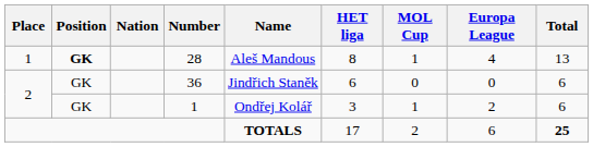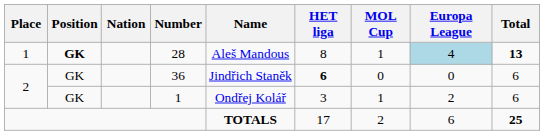 <table class="wikitable" style="font-size: 95%; text-align: center;">
 <tr>
 <th width=60>Place</th>
 <th width=60>Position</th>
 <th width=60>Nation</th>
 <th width=60>Number</th>
 <th width=180>Name</th>
 <th width=120><a href='#'>HET liga</a></th>
 <th width=120><a href='#'>MOL Cup</a></th>
 <th width=180><a href='#'>Europa League</a></th>
 <th width=80><strong>Total</strong></th>
 </tr>
 <tr>
 <td>1</td>
 <td><strong>GK</strong></td>
 <td></td>
 <td>28</td>
 <td><a href='#'>Aleš Mandous</a></td>
 <td>8</td>
 <td>1</td>
-<td>4</td>
-<td>13</td>
+<td style="background: lightblue;">4</td>
+<td><strong>13</strong></td>
 </tr>
 <tr>
 <td rowspan="2">2</td>
 <td>GK</td>
 <td></td>
 <td>36</td>
 <td><a href='#'>Jindřich Staněk</a></td>
-<td>6</td>
+<td><strong>6</strong></td>
 <td>0</td>
 <td>0</td>
 <td>6</td>
 </tr>
 <tr>
 <td>GK</td>
 <td></td>
 <td>1</td>
 <td><a href='#'>Ondřej Kolář</a></td>
 <td>3</td>
 <td>1</td>
 <td>2</td>
 <td>6</td>
 </tr>
 <tr>
 <td colspan="4"></td>
 <td><strong>TOTALS</strong></td>
 <td>17</td>
 <td>2</td>
 <td>6</td>
 <td><strong>25</strong></td>
 </tr>
 </table>
